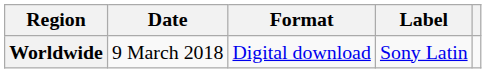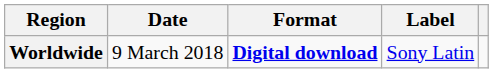 <table class="wikitable plainrowheaders">
 <tr>
 <th scope="col">Region</th>
 <th scope="col">Date</th>
 <th scope="col">Format</th>
 <th scope="col">Label</th>
 <th scope="col"></th>
 </tr>
 <tr>
 <th scope="row" rowspan="3">Worldwide</th>
 <td>9 March 2018</td>
-<td><a href='#'>Digital download</a></td>
+<td><strong><a href='#'>Digital download</a></strong></td>
 <td rowspan="3"><a href='#'>Sony Latin</a></td>
 <td></td>
 </tr>
 </table>
